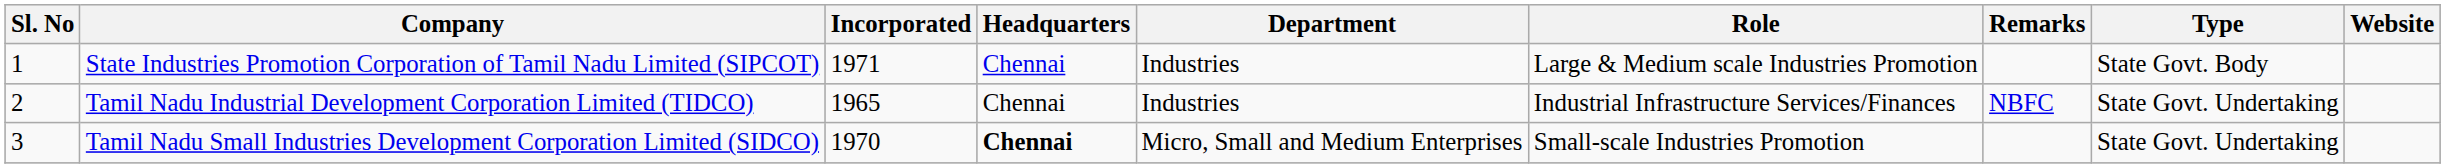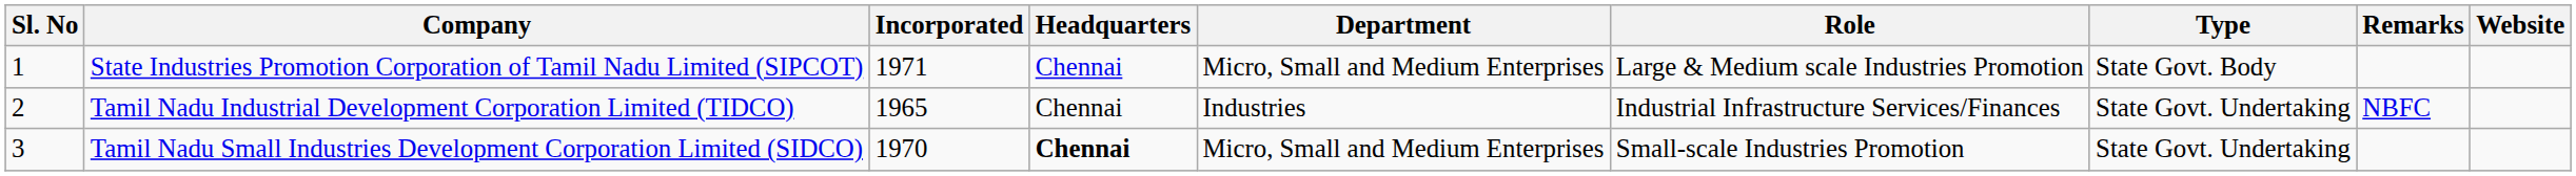 <table class="sortable wikitable" style="margin: 1em auto 1em auto;">
 <tr>
 <th>Sl. No</th>
 <th>Company</th>
 <th>Incorporated</th>
 <th>Headquarters</th>
 <th>Department</th>
 <th>Role</th>
+<th>Type</th>
 <th>Remarks</th>
-<th>Type</th>
 <th>Website</th>
 </tr>
 <tr>
 <td>1</td>
 <td><a href='#'>State Industries Promotion Corporation of Tamil Nadu Limited (SIPCOT)</a></td>
 <td>1971</td>
 <td><a href='#'>Chennai</a></td>
-<td>Industries</td>
+<td>Micro, Small and Medium Enterprises</td>
 <td>Large & Medium scale Industries Promotion</td>
+<td>State Govt. Body</td>
 <td></td>
-<td>State Govt. Body</td>
 <td> </td>
 </tr>
 <tr>
 <td>2</td>
 <td><a href='#'>Tamil Nadu Industrial Development Corporation Limited (TIDCO)</a></td>
 <td>1965</td>
 <td>Chennai</td>
 <td>Industries</td>
 <td>Industrial Infrastructure Services/Finances</td>
+<td>State Govt. Undertaking</td>
 <td><a href='#'>NBFC</a></td>
-<td>State Govt. Undertaking</td>
 <td> </td>
 </tr>
 <tr>
 <td>3</td>
 <td><a href='#'>Tamil Nadu Small Industries Development Corporation Limited (SIDCO)</a></td>
 <td>1970</td>
 <td><strong>Chennai</strong></td>
 <td>Micro, Small and Medium Enterprises</td>
 <td>Small-scale Industries Promotion</td>
+<td>State Govt. Undertaking</td>
 <td></td>
-<td>State Govt. Undertaking</td>
 <td> </td>
 </tr>
 </table>
